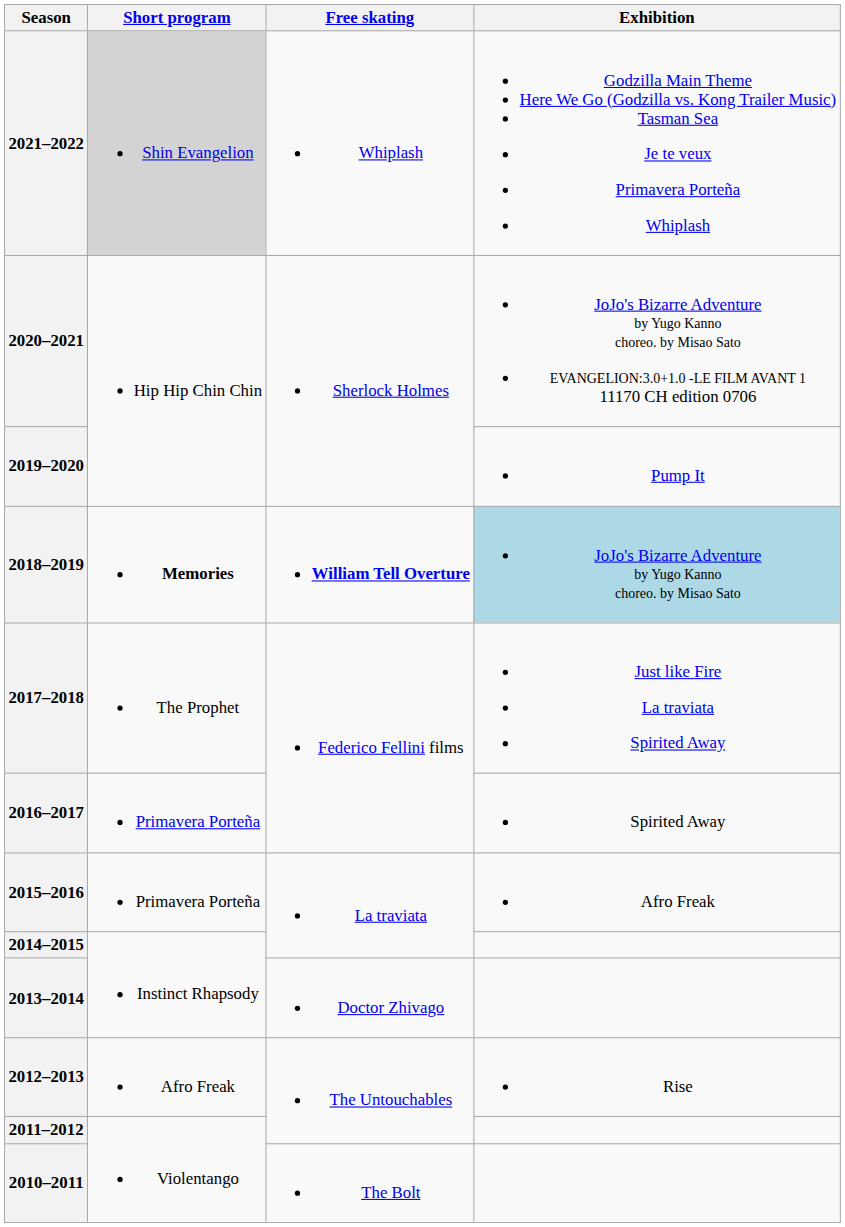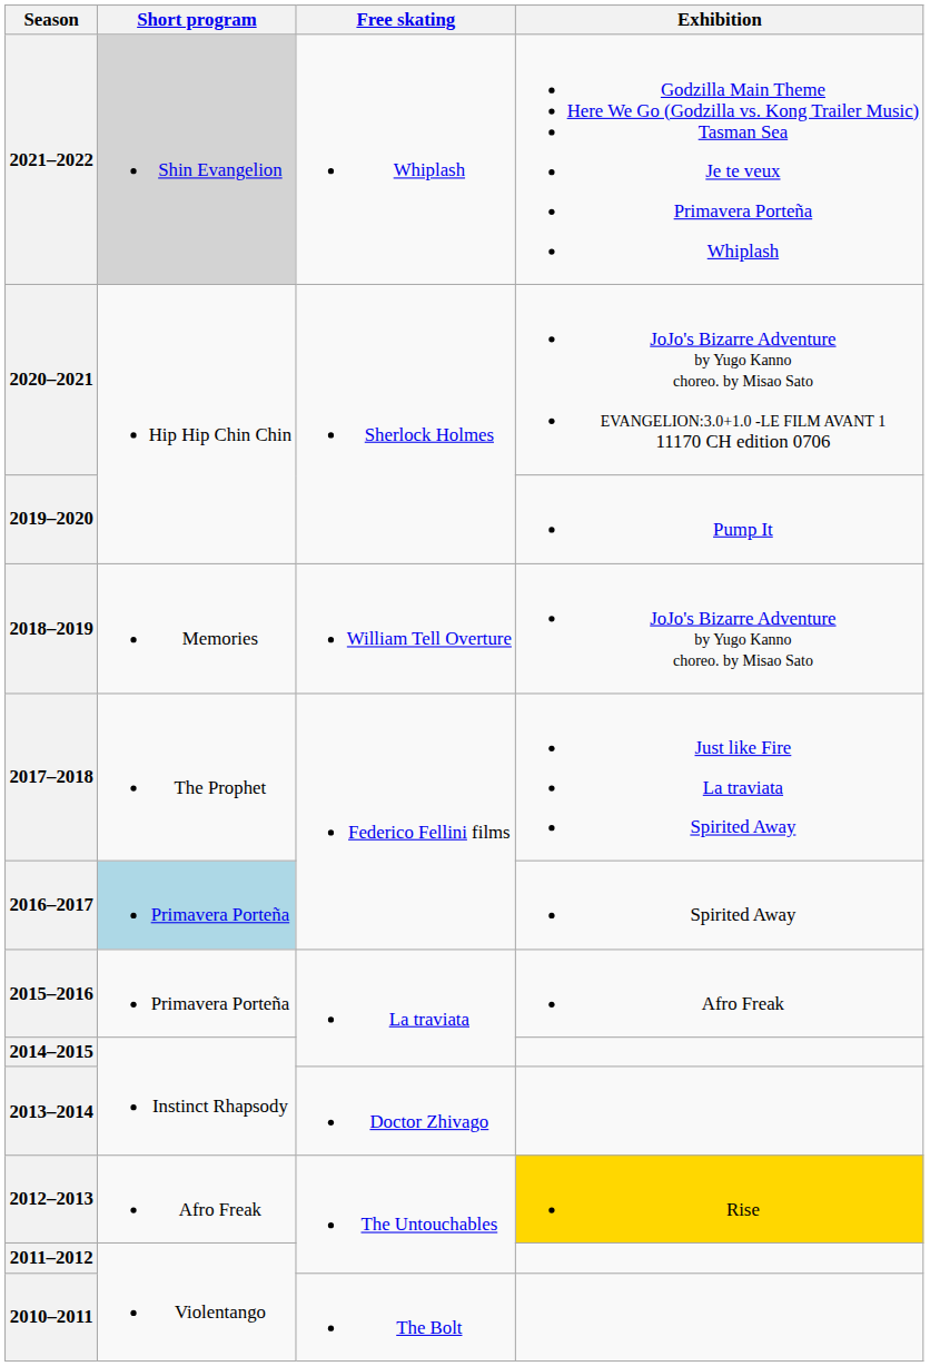 <table class="wikitable" style="text-align:center">
 <tr>
 <th>Season</th>
 <th><a href='#'>Short program</a></th>
 <th><a href='#'>Free skating</a></th>
 <th>Exhibition</th>
 </tr>
 <tr>
 <th>2021–2022  <br> </th>
 <td style="background: lightgrey;"><br><ul><li><a href='#'>Shin Evangelion</a> <br> </li></ul></td>
 <td><br><ul><li><a href='#'>Whiplash</a> <br> </li></ul></td>
 <td><br><ul><li><a href='#'>Godzilla Main Theme</a><br></li><li><a href='#'>Here We Go (Godzilla vs. Kong Trailer Music)</a> <br></li><li><a href='#'>Tasman Sea</a><br></li></ul><ul><li><a href='#'>Je te veux</a><br></li></ul><ul><li><a href='#'>Primavera Porteña</a> <br></li></ul><ul><li><a href='#'>Whiplash</a> <br> </li></ul></td>
 </tr>
 <tr>
 <th>2020–2021</th>
 <td rowspan="2"><br><ul><li>Hip Hip Chin Chin <br> </li></ul></td>
 <td rowspan="2"><br><ul><li><a href='#'>Sherlock Holmes</a> <br> </li></ul></td>
 <td><br><ul><li><a href='#'>JoJo's Bizarre Adventure</a> <br><small>by Yugo Kanno<br>choreo. by Misao Sato</small></li></ul><ul><li><small>EVANGELION:3.0+1.0 -LE FILM AVANT 1</small><br>11170 CH edition 0706 <br></li></ul></td>
 </tr>
 <tr>
 <th>2019–2020 <br> </th>
 <td><br><ul><li><a href='#'>Pump It</a> <br> </li></ul></td>
 </tr>
 <tr>
 <th>2018–2019 <br> </th>
-<td><strong><br><ul><li>Memories <br> </li></ul></strong></td>
-<td><strong><br><ul><li><a href='#'>William Tell Overture</a> <br> </li></ul></strong></td>
-<td style="background: lightblue;"><br><ul><li><a href='#'>JoJo's Bizarre Adventure</a> <br><small>by Yugo Kanno<br>choreo. by Misao Sato</small></li></ul></td>
+<td><br><ul><li>Memories <br> </li></ul></td>
+<td><br><ul><li><a href='#'>William Tell Overture</a> <br> </li></ul></td>
+<td><br><ul><li><a href='#'>JoJo's Bizarre Adventure</a> <br><small>by Yugo Kanno<br>choreo. by Misao Sato</small></li></ul></td>
 </tr>
 <tr>
 <th>2017–2018 <br> </th>
 <td><br><ul><li>The Prophet<br></li></ul></td>
 <td rowspan=2><br><ul><li><a href='#'>Federico Fellini</a> films <br></li></ul></td>
 <td><br><ul><li><a href='#'>Just like Fire</a> <br></li></ul><ul><li><a href='#'>La traviata</a> <br></li></ul><ul><li><a href='#'>Spirited Away</a> <br></li></ul></td>
 </tr>
 <tr>
 <th>2016–2017 <br> </th>
-<td><br><ul><li><a href='#'>Primavera Porteña</a> <br></li></ul></td>
+<td style="background: lightblue;"><br><ul><li><a href='#'>Primavera Porteña</a> <br></li></ul></td>
 <td><br><ul><li>Spirited Away <br></li></ul></td>
 </tr>
 <tr>
 <th>2015–2016 <br> </th>
 <td><br><ul><li>Primavera Porteña <br></li></ul></td>
 <td rowspan=2><br><ul><li><a href='#'>La traviata</a> <br></li></ul></td>
 <td><br><ul><li>Afro Freak <br></li></ul></td>
 </tr>
 <tr>
 <th>2014–2015 <br> </th>
 <td rowspan=2><br><ul><li>Instinct Rhapsody <br></li></ul></td>
 <td></td>
 </tr>
 <tr>
 <th>2013–2014 <br> </th>
 <td><br><ul><li><a href='#'>Doctor Zhivago</a> <br></li></ul></td>
 <td></td>
 </tr>
 <tr>
 <th>2012–2013 <br> </th>
 <td><br><ul><li>Afro Freak <br></li></ul></td>
 <td rowspan=2><br><ul><li><a href='#'>The Untouchables</a> <br></li></ul></td>
-<td><br><ul><li>Rise <br></li></ul></td>
+<td style="background: gold;"><br><ul><li>Rise <br></li></ul></td>
 </tr>
 <tr>
 <th>2011–2012 <br> </th>
 <td rowspan=2><br><ul><li>Violentango <br></li></ul></td>
 <td></td>
 </tr>
 <tr>
 <th>2010–2011 <br> </th>
 <td><br><ul><li><a href='#'>The Bolt</a> <br></li></ul></td>
 <td></td>
 </tr>
 </table>
